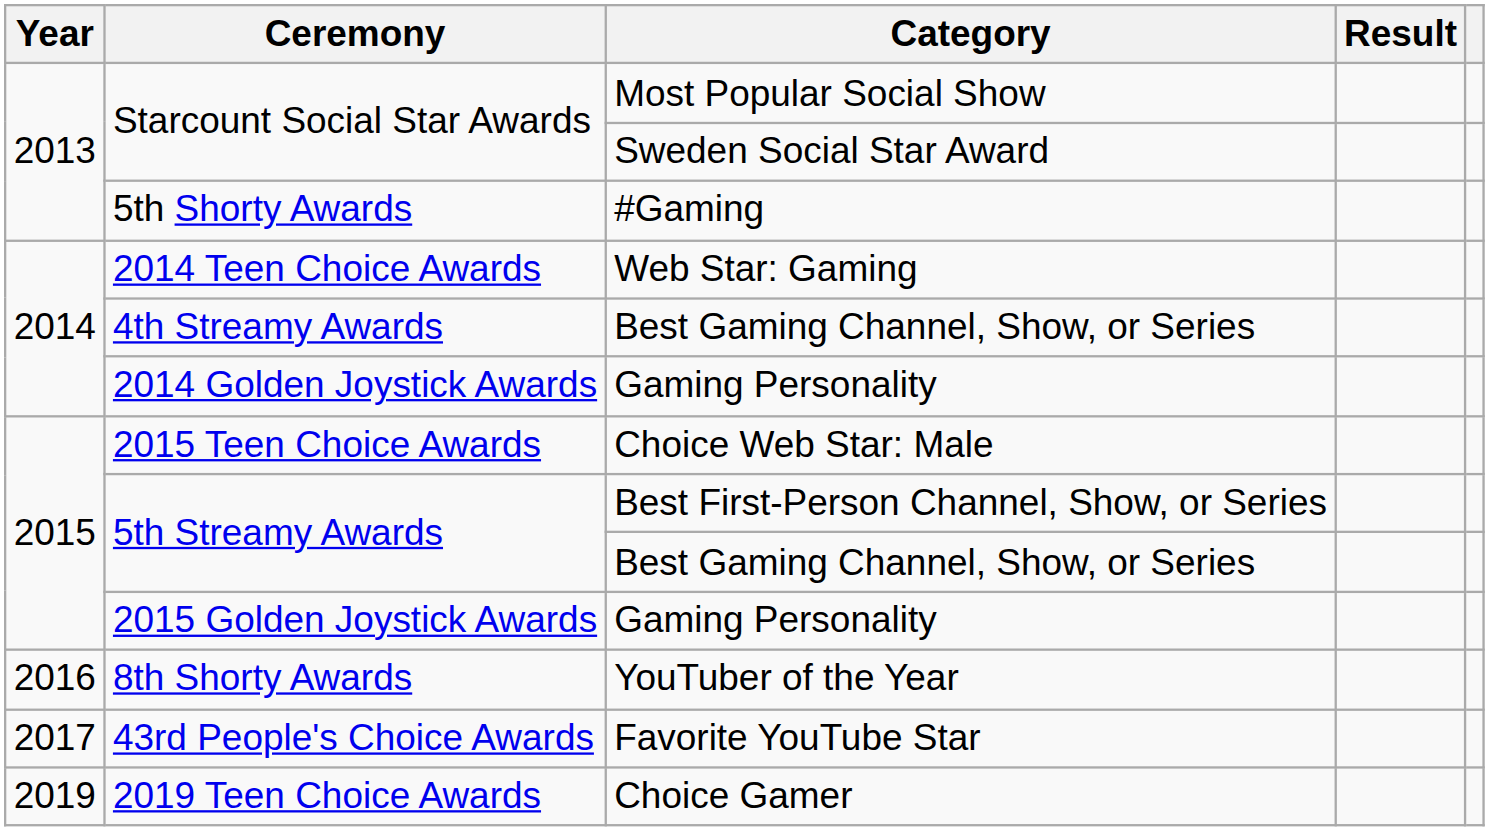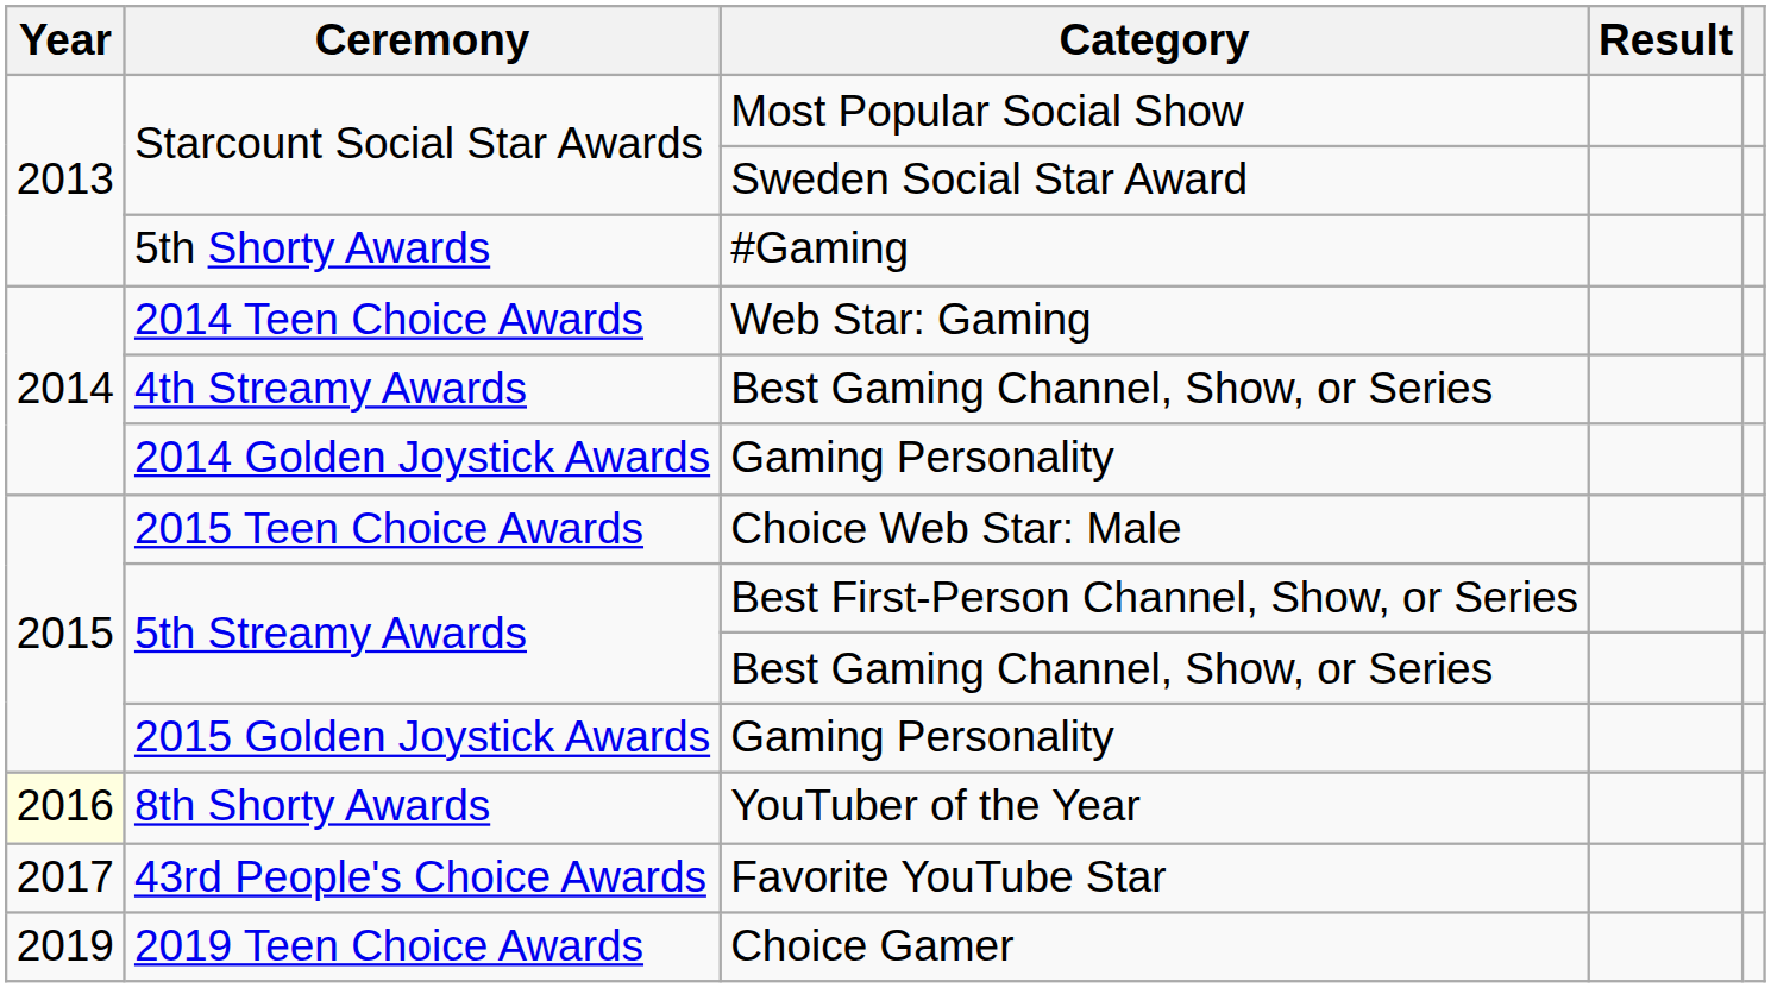 <table class="wikitable sortable">
 <tr>
 <th scope="col">Year</th>
 <th>Ceremony</th>
 <th scope="col">Category</th>
 <th scope="col">Result</th>
 <th scope="col" class="unsortable"></th>
 </tr>
 <tr>
 <td rowspan="3">2013</td>
 <td rowspan="2">Starcount Social Star Awards</td>
 <td>Most Popular Social Show</td>
 <td></td>
 <td style="text-align:center"></td>
 </tr>
 <tr valign="top">
 <td>Sweden Social Star Award</td>
 <td></td>
 <td style="text-align:center"></td>
 </tr>
 <tr valign="top">
 <td>5th <a href='#'>Shorty Awards</a></td>
 <td>#Gaming</td>
 <td></td>
 <td style="text-align:center"></td>
 </tr>
 <tr>
 <td rowspan="3">2014</td>
 <td><a href='#'>2014 Teen Choice Awards</a></td>
 <td>Web Star: Gaming</td>
 <td></td>
 <td style="text-align:center"></td>
 </tr>
 <tr valign="top">
 <td><a href='#'>4th Streamy Awards</a></td>
 <td>Best Gaming Channel, Show, or Series</td>
 <td></td>
 <td style="text-align:center"></td>
 </tr>
 <tr valign="top">
 <td><a href='#'>2014 Golden Joystick Awards</a></td>
 <td>Gaming Personality</td>
 <td></td>
 <td style="text-align:center"></td>
 </tr>
 <tr>
 <td rowspan="4">2015</td>
 <td><a href='#'>2015 Teen Choice Awards</a></td>
 <td>Choice Web Star: Male</td>
 <td></td>
 <td style="text-align:center"></td>
 </tr>
 <tr>
 <td rowspan="2"><a href='#'>5th Streamy Awards</a></td>
 <td>Best First-Person Channel, Show, or Series</td>
 <td></td>
 <td style="text-align:center"></td>
 </tr>
 <tr valign="top">
 <td>Best Gaming Channel, Show, or Series</td>
 <td></td>
 <td style="text-align:center"></td>
 </tr>
 <tr valign="top">
 <td><a href='#'>2015 Golden Joystick Awards</a></td>
 <td>Gaming Personality</td>
 <td></td>
 <td style="text-align:center"></td>
 </tr>
 <tr valign="top">
-<td>2016</td>
+<td style="background: lightyellow;">2016</td>
 <td><a href='#'>8th Shorty Awards</a></td>
 <td>YouTuber of the Year</td>
 <td></td>
 <td style="text-align:center"></td>
 </tr>
 <tr valign="top">
 <td>2017</td>
 <td><a href='#'>43rd People's Choice Awards</a></td>
 <td>Favorite YouTube Star</td>
 <td></td>
 <td style="text-align:center"></td>
 </tr>
 <tr valign="top">
 <td>2019</td>
 <td><a href='#'>2019 Teen Choice Awards</a></td>
 <td>Choice Gamer</td>
 <td></td>
 <td style="text-align:center"></td>
 </tr>
 </table>
